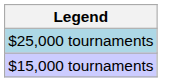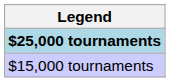 <table class="wikitable" style="font-size:85%">
 <tr>
 <th>Legend</th>
 </tr>
 <tr style="background:lightblue;">
-<td>$25,000 tournaments</td>
+<td><strong>$25,000 tournaments</strong></td>
 </tr>
 <tr style="background:#ccf;">
 <td>$15,000 tournaments</td>
 </tr>
 </table>
